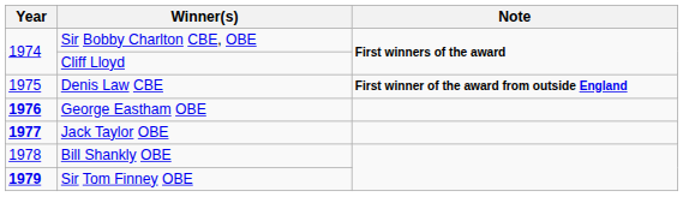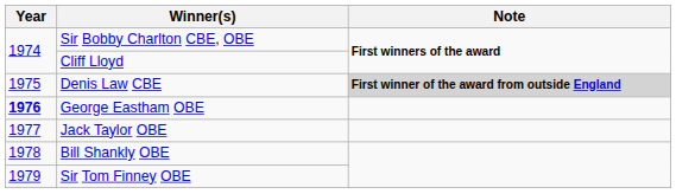 <table class="wikitable">
 <tr>
 <th>Year</th>
 <th>Winner(s)</th>
 <th width="350px">Note</th>
 </tr>
 <tr>
 <td width="50px" rowspan="2"><a href='#'>1974</a></td>
 <td width="315px"> <a href='#'>Sir</a> <a href='#'>Bobby Charlton</a> <a href='#'>CBE</a>, <a href='#'>OBE</a></td>
 <td rowspan="2"><small><strong>First winners of the award</strong></small></td>
 </tr>
 <tr>
 <td> <a href='#'>Cliff Lloyd</a></td>
 </tr>
 <tr>
 <td width="50px"><a href='#'>1975</a></td>
 <td width="315px"> <a href='#'>Denis Law</a> <a href='#'>CBE</a></td>
-<td><small><strong>First winner of the award from outside <a href='#'>England</a></strong></small></td>
+<td style="background: lightgrey;"><small><strong>First winner of the award from outside <a href='#'>England</a></strong></small></td>
 </tr>
 <tr>
 <td width="50px"><strong><a href='#'>1976</a></strong></td>
 <td width="315px"> <a href='#'>George Eastham</a> <a href='#'>OBE</a></td>
 </tr>
 <tr>
-<td width="50px"><strong><a href='#'>1977</a></strong></td>
+<td width="50px"><a href='#'>1977</a></td>
 <td width="315px"> <a href='#'>Jack Taylor</a> <a href='#'>OBE</a></td>
 <td></td>
 </tr>
 <tr>
 <td width="50px"><a href='#'>1978</a></td>
 <td width="315px"> <a href='#'>Bill Shankly</a> <a href='#'>OBE</a></td>
 </tr>
 <tr>
-<td width="50px"><strong><a href='#'>1979</a></strong></td>
+<td width="50px"><a href='#'>1979</a></td>
 <td width="315px"> <a href='#'>Sir</a> <a href='#'>Tom Finney</a> <a href='#'>OBE</a></td>
 </tr>
 </table>
